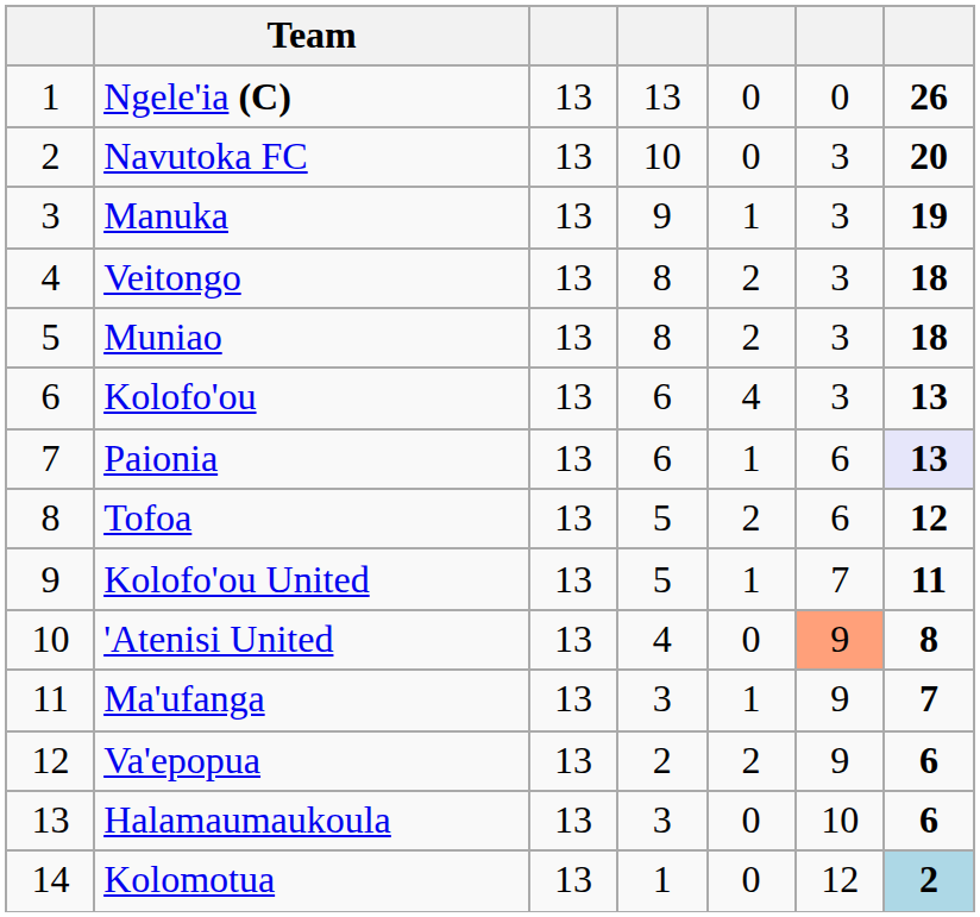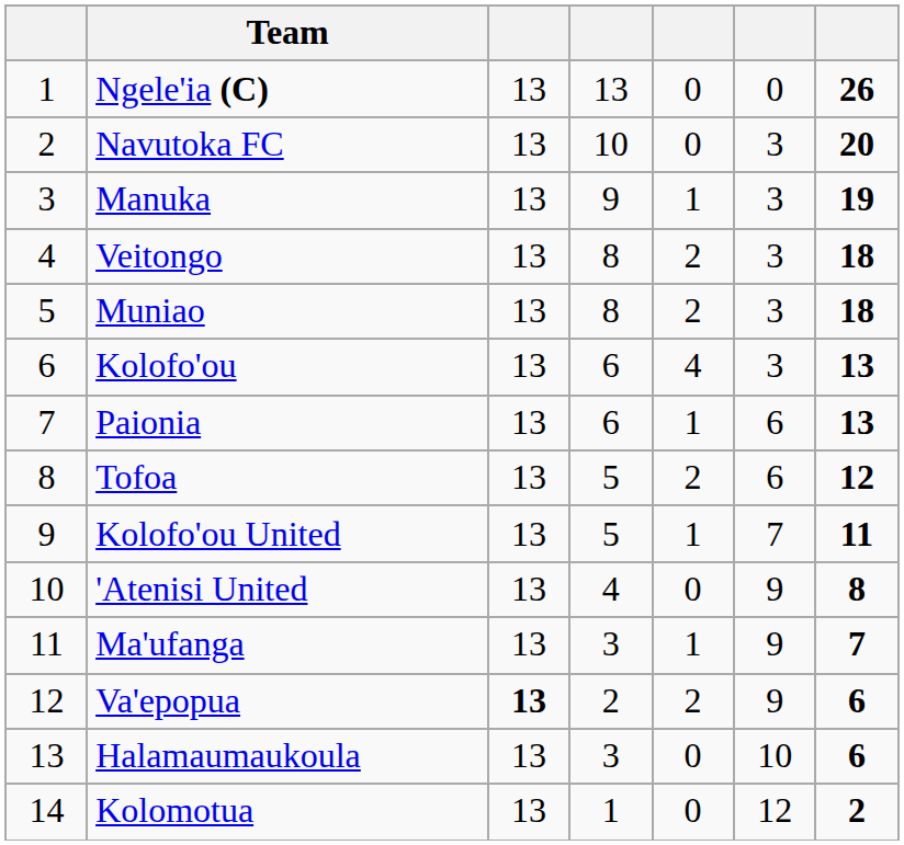 <table class="wikitable" style="text-align: center;">
 <tr>
 <th width="30"></th>
 <th width="175">Team</th>
 <th width="30"></th>
 <th width="30"></th>
 <th width="30"></th>
 <th width="30"></th>
 <th width="30"></th>
 </tr>
 <tr bc="#D0F0C0">
 <td>1</td>
 <td align="left"><a href='#'>Ngele'ia</a> <strong>(C)</strong></td>
 <td>13</td>
 <td>13</td>
 <td>0</td>
 <td>0</td>
 <td><strong>26</strong></td>
 </tr>
 <tr>
 <td>2</td>
 <td align="left"><a href='#'>Navutoka FC</a></td>
 <td>13</td>
 <td>10</td>
 <td>0</td>
 <td>3</td>
 <td><strong>20</strong></td>
 </tr>
 <tr>
 <td>3</td>
 <td align="left"><a href='#'>Manuka</a></td>
 <td>13</td>
 <td>9</td>
 <td>1</td>
 <td>3</td>
 <td><strong>19</strong></td>
 </tr>
 <tr>
 <td>4</td>
 <td align="left"><a href='#'>Veitongo</a></td>
 <td>13</td>
 <td>8</td>
 <td>2</td>
 <td>3</td>
 <td><strong>18</strong></td>
 </tr>
 <tr>
 <td>5</td>
 <td align="left"><a href='#'>Muniao</a></td>
 <td>13</td>
 <td>8</td>
 <td>2</td>
 <td>3</td>
 <td><strong>18</strong></td>
 </tr>
 <tr>
 <td>6</td>
 <td align="left"><a href='#'>Kolofo'ou</a></td>
 <td>13</td>
 <td>6</td>
 <td>4</td>
 <td>3</td>
 <td><strong>13</strong></td>
 </tr>
 <tr>
 <td>7</td>
 <td align="left"><a href='#'>Paionia</a></td>
 <td>13</td>
 <td>6</td>
 <td>1</td>
 <td>6</td>
-<td style="background: lavender;"><strong>13</strong></td>
+<td><strong>13</strong></td>
 </tr>
 <tr>
 <td>8</td>
 <td align="left"><a href='#'>Tofoa</a></td>
 <td>13</td>
 <td>5</td>
 <td>2</td>
 <td>6</td>
 <td><strong>12</strong></td>
 </tr>
 <tr>
 <td>9</td>
 <td align="left"><a href='#'>Kolofo'ou United</a></td>
 <td>13</td>
 <td>5</td>
 <td>1</td>
 <td>7</td>
 <td><strong>11</strong></td>
 </tr>
 <tr>
 <td>10</td>
 <td align="left"><a href='#'>'Atenisi United</a></td>
 <td>13</td>
 <td>4</td>
 <td>0</td>
-<td style="background: lightsalmon;">9</td>
+<td>9</td>
 <td><strong>8</strong></td>
 </tr>
 <tr>
 <td>11</td>
 <td align="left"><a href='#'>Ma'ufanga</a></td>
 <td>13</td>
 <td>3</td>
 <td>1</td>
 <td>9</td>
 <td><strong>7</strong></td>
 </tr>
 <tr>
 <td>12</td>
 <td align="left"><a href='#'>Va'epopua</a></td>
-<td>13</td>
+<td><strong>13</strong></td>
 <td>2</td>
 <td>2</td>
 <td>9</td>
 <td><strong>6</strong></td>
 </tr>
 <tr>
 <td>13</td>
 <td align="left"><a href='#'>Halamaumaukoula</a></td>
 <td>13</td>
 <td>3</td>
 <td>0</td>
 <td>10</td>
 <td><strong>6</strong></td>
 </tr>
 <tr>
 <td>14</td>
 <td align="left"><a href='#'>Kolomotua</a></td>
 <td>13</td>
 <td>1</td>
 <td>0</td>
 <td>12</td>
-<td style="background: lightblue;"><strong>2</strong></td>
+<td><strong>2</strong></td>
 </tr>
 <tr>
 </tr>
 </table>
